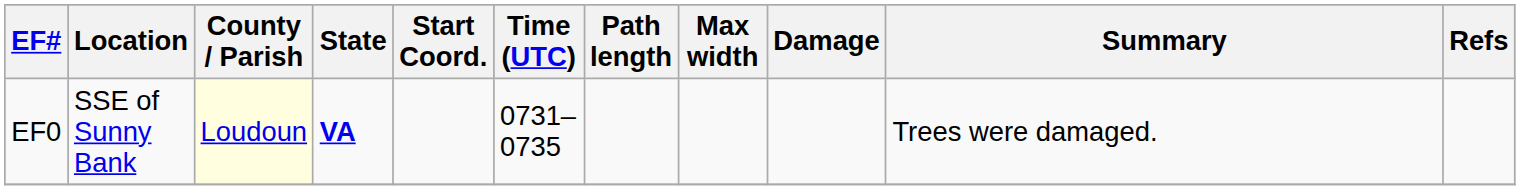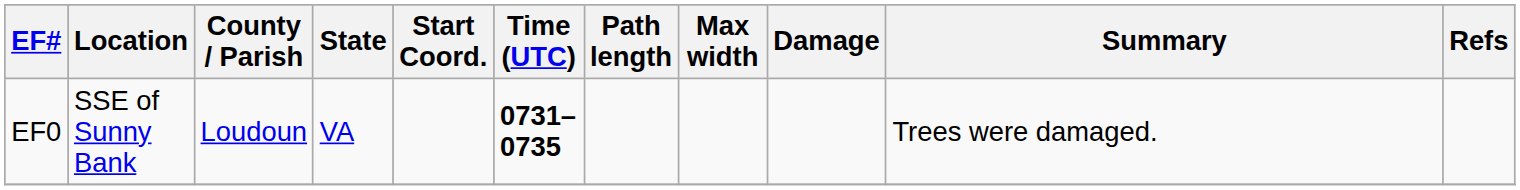 <table class="wikitable sortable" style="width:100%;">
 <tr>
 <th scope="col" width="3%" align="center"><a href='#'>EF#</a></th>
 <th scope="col" width="7%" align="center" class="unsortable">Location</th>
 <th scope="col" width="6%" align="center" class="unsortable">County / Parish</th>
 <th scope="col" width="5%" align="center">State</th>
 <th scope="col" width="6%" align="center">Start Coord.</th>
 <th scope="col" width="6%" align="center">Time (<a href='#'>UTC</a>)</th>
 <th scope="col" width="6%" align="center">Path length</th>
 <th scope="col" width="6%" align="center">Max width</th>
 <th scope="col" width="6%" align="center">Damage</th>
 <th scope="col" width="48%" class="unsortable" align="center">Summary</th>
 <th scope="col" width="48%" class="unsortable" align="center">Refs</th>
 </tr>
 <tr>
 <td>EF0</td>
 <td>SSE of <a href='#'>Sunny Bank</a></td>
-<td style="background: lightyellow;"><a href='#'>Loudoun</a></td>
-<td><strong><a href='#'>VA</a></strong></td>
+<td><a href='#'>Loudoun</a></td>
+<td><a href='#'>VA</a></td>
 <td></td>
-<td>0731–0735</td>
+<td><strong>0731–0735</strong></td>
 <td></td>
 <td></td>
 <td></td>
 <td>Trees were damaged.</td>
 <td></td>
 </tr>
 <tr>
 </tr>
 </table>
